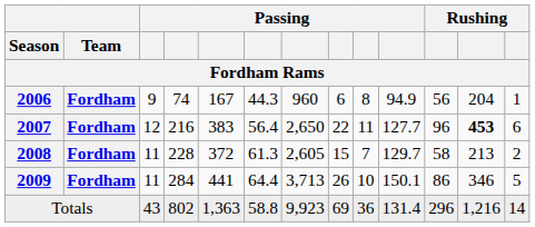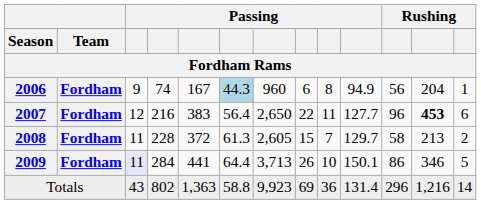 <table class="wikitable sortable" style="text-align:center">
 <tr>
 <th colspan="2"> </th>
 <th colspan="8" align="center">Passing</th>
 <th colspan="3" align="center">Rushing</th>
 </tr>
 <tr>
 <th>Season</th>
 <th>Team</th>
 <th></th>
 <th></th>
 <th></th>
 <th></th>
 <th></th>
 <th></th>
 <th></th>
 <th></th>
 <th></th>
 <th></th>
 <th></th>
 </tr>
 <tr>
 <th colspan="13">Fordham Rams</th>
 </tr>
 <tr>
 <th><a href='#'>2006</a></th>
 <th><a href='#'>Fordham</a></th>
 <td>9</td>
 <td>74</td>
 <td>167</td>
-<td>44.3</td>
+<td style="background: lightblue;">44.3</td>
 <td>960</td>
 <td>6</td>
 <td>8</td>
 <td>94.9</td>
 <td>56</td>
 <td>204</td>
 <td>1</td>
 </tr>
 <tr>
 <th><a href='#'>2007</a></th>
 <th><a href='#'>Fordham</a></th>
 <td>12</td>
 <td>216</td>
 <td>383</td>
 <td>56.4</td>
 <td>2,650</td>
 <td>22</td>
 <td>11</td>
 <td>127.7</td>
 <td>96</td>
 <td><strong>453</strong></td>
 <td>6</td>
 </tr>
 <tr>
 <th><a href='#'>2008</a></th>
 <th><a href='#'>Fordham</a></th>
 <td>11</td>
 <td>228</td>
 <td>372</td>
 <td>61.3</td>
 <td>2,605</td>
 <td>15</td>
 <td>7</td>
 <td>129.7</td>
 <td>58</td>
 <td>213</td>
 <td>2</td>
 </tr>
 <tr>
 <th><a href='#'>2009</a></th>
 <th><a href='#'>Fordham</a></th>
-<td>11</td>
+<td style="background: lavender;">11</td>
 <td>284</td>
 <td>441</td>
 <td>64.4</td>
 <td>3,713</td>
 <td>26</td>
 <td>10</td>
 <td>150.1</td>
 <td>86</td>
 <td>346</td>
 <td>5</td>
 </tr>
 <tr class="sortbottom" style="background:#eee;">
 <td colspan=2>Totals</td>
 <td>43</td>
 <td>802</td>
 <td>1,363</td>
 <td>58.8</td>
 <td>9,923</td>
 <td>69</td>
 <td>36</td>
 <td>131.4</td>
 <td>296</td>
 <td>1,216</td>
 <td>14</td>
 </tr>
 </table>
